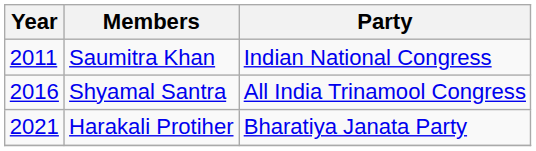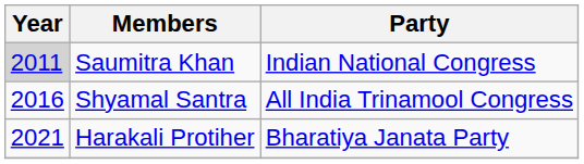 <table - class="wikitable sortable">
 <tr>
 <th>Year</th>
 <th>Members</th>
 <th>Party</th>
 </tr>
 <tr>
-<td><a href='#'>2011</a></td>
+<td style="background: lightgrey;"><a href='#'>2011</a></td>
 <td><a href='#'>Saumitra Khan</a></td>
 <td><a href='#'>Indian National Congress</a></td>
 </tr>
 <tr>
 <td><a href='#'>2016</a></td>
 <td><a href='#'>Shyamal Santra</a></td>
 <td><a href='#'>All India Trinamool Congress</a></td>
 </tr>
 <tr>
 <td><a href='#'>2021</a></td>
 <td><a href='#'>Harakali Protiher</a></td>
 <td><a href='#'>Bharatiya Janata Party</a></td>
 </tr>
 <tr>
 </tr>
 </table>
